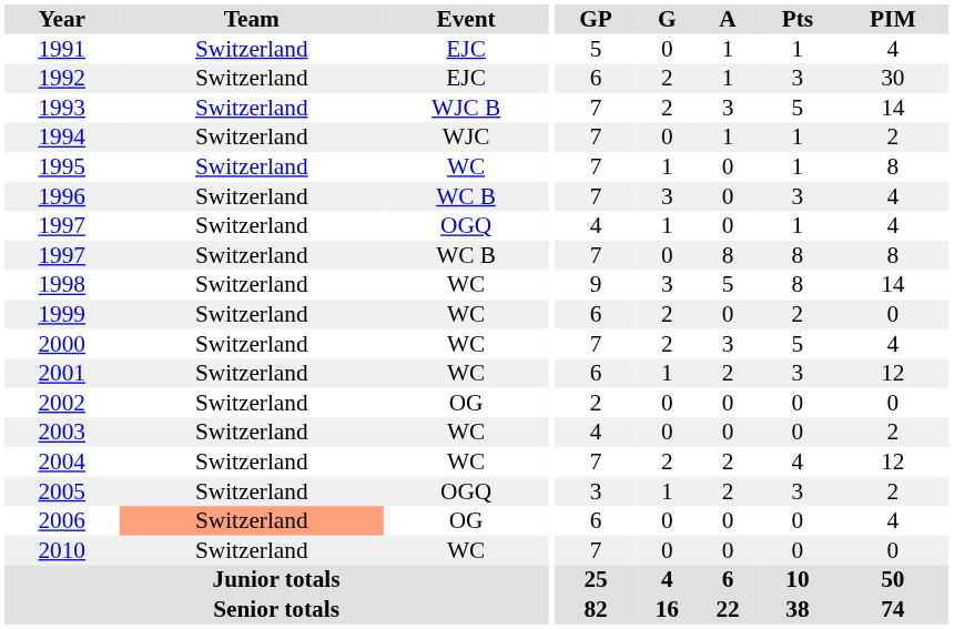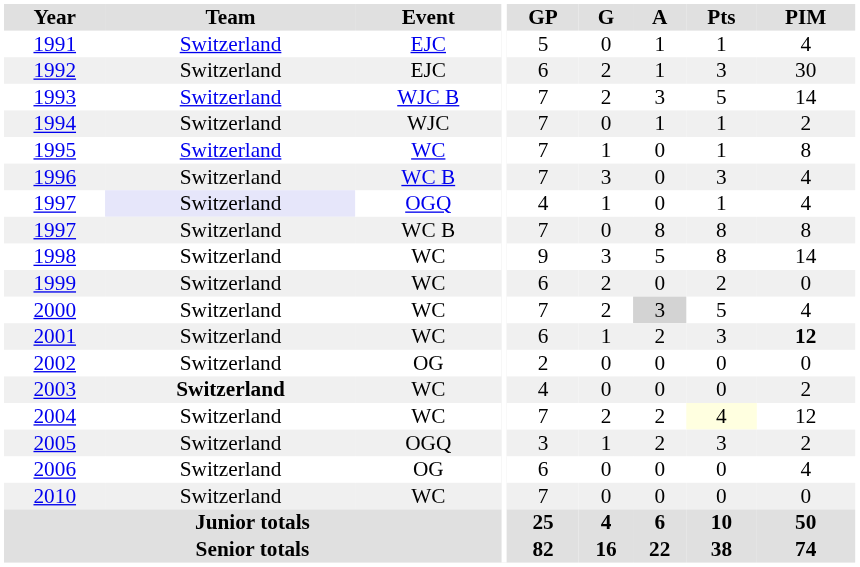 <table border="0" cellpadding="1" cellspacing="0" ID="Table3" style="text-align:center; width:40em">
 <tr ALIGN="center" bgcolor="#e0e0e0">
 <th>Year</th>
 <th>Team</th>
 <th>Event</th>
 <th rowspan="99" bgcolor="#ffffff"></th>
 <th>GP</th>
 <th>G</th>
 <th>A</th>
 <th>Pts</th>
 <th>PIM</th>
 </tr>
 <tr>
 <td><a href='#'>1991</a></td>
 <td><a href='#'>Switzerland</a></td>
 <td><a href='#'>EJC</a></td>
 <td>5</td>
 <td>0</td>
 <td>1</td>
 <td>1</td>
 <td>4</td>
 </tr>
 <tr bgcolor="#f0f0f0">
 <td><a href='#'>1992</a></td>
 <td>Switzerland</td>
 <td>EJC</td>
 <td>6</td>
 <td>2</td>
 <td>1</td>
 <td>3</td>
 <td>30</td>
 </tr>
 <tr>
 <td><a href='#'>1993</a></td>
 <td><a href='#'>Switzerland</a></td>
 <td><a href='#'>WJC B</a></td>
 <td>7</td>
 <td>2</td>
 <td>3</td>
 <td>5</td>
 <td>14</td>
 </tr>
 <tr bgcolor="#f0f0f0">
 <td><a href='#'>1994</a></td>
 <td>Switzerland</td>
 <td>WJC</td>
 <td>7</td>
 <td>0</td>
 <td>1</td>
 <td>1</td>
 <td>2</td>
 </tr>
 <tr>
 <td><a href='#'>1995</a></td>
 <td><a href='#'>Switzerland</a></td>
 <td><a href='#'>WC</a></td>
 <td>7</td>
 <td>1</td>
 <td>0</td>
 <td>1</td>
 <td>8</td>
 </tr>
 <tr bgcolor="#f0f0f0">
 <td><a href='#'>1996</a></td>
 <td>Switzerland</td>
 <td><a href='#'>WC B</a></td>
 <td>7</td>
 <td>3</td>
 <td>0</td>
 <td>3</td>
 <td>4</td>
 </tr>
 <tr>
 <td><a href='#'>1997</a></td>
-<td>Switzerland</td>
+<td style="background: lavender;">Switzerland</td>
 <td><a href='#'>OGQ</a></td>
 <td>4</td>
 <td>1</td>
 <td>0</td>
 <td>1</td>
 <td>4</td>
 </tr>
 <tr bgcolor="#f0f0f0">
 <td><a href='#'>1997</a></td>
 <td>Switzerland</td>
 <td>WC B</td>
 <td>7</td>
 <td>0</td>
 <td>8</td>
 <td>8</td>
 <td>8</td>
 </tr>
 <tr>
 <td><a href='#'>1998</a></td>
 <td>Switzerland</td>
 <td>WC</td>
 <td>9</td>
 <td>3</td>
 <td>5</td>
 <td>8</td>
 <td>14</td>
 </tr>
 <tr bgcolor="#f0f0f0">
 <td><a href='#'>1999</a></td>
 <td>Switzerland</td>
 <td>WC</td>
 <td>6</td>
 <td>2</td>
 <td>0</td>
 <td>2</td>
 <td>0</td>
 </tr>
 <tr>
 <td><a href='#'>2000</a></td>
 <td>Switzerland</td>
 <td>WC</td>
 <td>7</td>
 <td>2</td>
-<td>3</td>
+<td style="background: lightgrey;">3</td>
 <td>5</td>
 <td>4</td>
 </tr>
 <tr bgcolor="#f0f0f0">
 <td><a href='#'>2001</a></td>
 <td>Switzerland</td>
 <td>WC</td>
 <td>6</td>
 <td>1</td>
 <td>2</td>
 <td>3</td>
-<td>12</td>
+<td><strong>12</strong></td>
 </tr>
 <tr>
 <td><a href='#'>2002</a></td>
 <td>Switzerland</td>
 <td>OG</td>
 <td>2</td>
 <td>0</td>
 <td>0</td>
 <td>0</td>
 <td>0</td>
 </tr>
 <tr bgcolor="#f0f0f0">
 <td><a href='#'>2003</a></td>
-<td>Switzerland</td>
+<td><strong>Switzerland</strong></td>
 <td>WC</td>
 <td>4</td>
 <td>0</td>
 <td>0</td>
 <td>0</td>
 <td>2</td>
 </tr>
 <tr>
 <td><a href='#'>2004</a></td>
 <td>Switzerland</td>
 <td>WC</td>
 <td>7</td>
 <td>2</td>
 <td>2</td>
-<td>4</td>
+<td style="background: lightyellow;">4</td>
 <td>12</td>
 </tr>
 <tr bgcolor="#f0f0f0">
 <td><a href='#'>2005</a></td>
 <td>Switzerland</td>
 <td>OGQ</td>
 <td>3</td>
 <td>1</td>
 <td>2</td>
 <td>3</td>
 <td>2</td>
 </tr>
 <tr>
 <td><a href='#'>2006</a></td>
-<td style="background: lightsalmon;">Switzerland</td>
+<td>Switzerland</td>
 <td>OG</td>
 <td>6</td>
 <td>0</td>
 <td>0</td>
 <td>0</td>
 <td>4</td>
 </tr>
 <tr bgcolor="#f0f0f0">
 <td><a href='#'>2010</a></td>
 <td>Switzerland</td>
 <td>WC</td>
 <td>7</td>
 <td>0</td>
 <td>0</td>
 <td>0</td>
 <td>0</td>
 </tr>
 <tr style="background: #e0e0e0;">
 <th colspan="3">Junior totals</th>
 <th>25</th>
 <th>4</th>
 <th>6</th>
 <th>10</th>
 <th>50</th>
 </tr>
 <tr style="background: #e0e0e0;">
 <th colspan="3">Senior totals</th>
 <th>82</th>
 <th>16</th>
 <th>22</th>
 <th>38</th>
 <th>74</th>
 </tr>
 </table>
